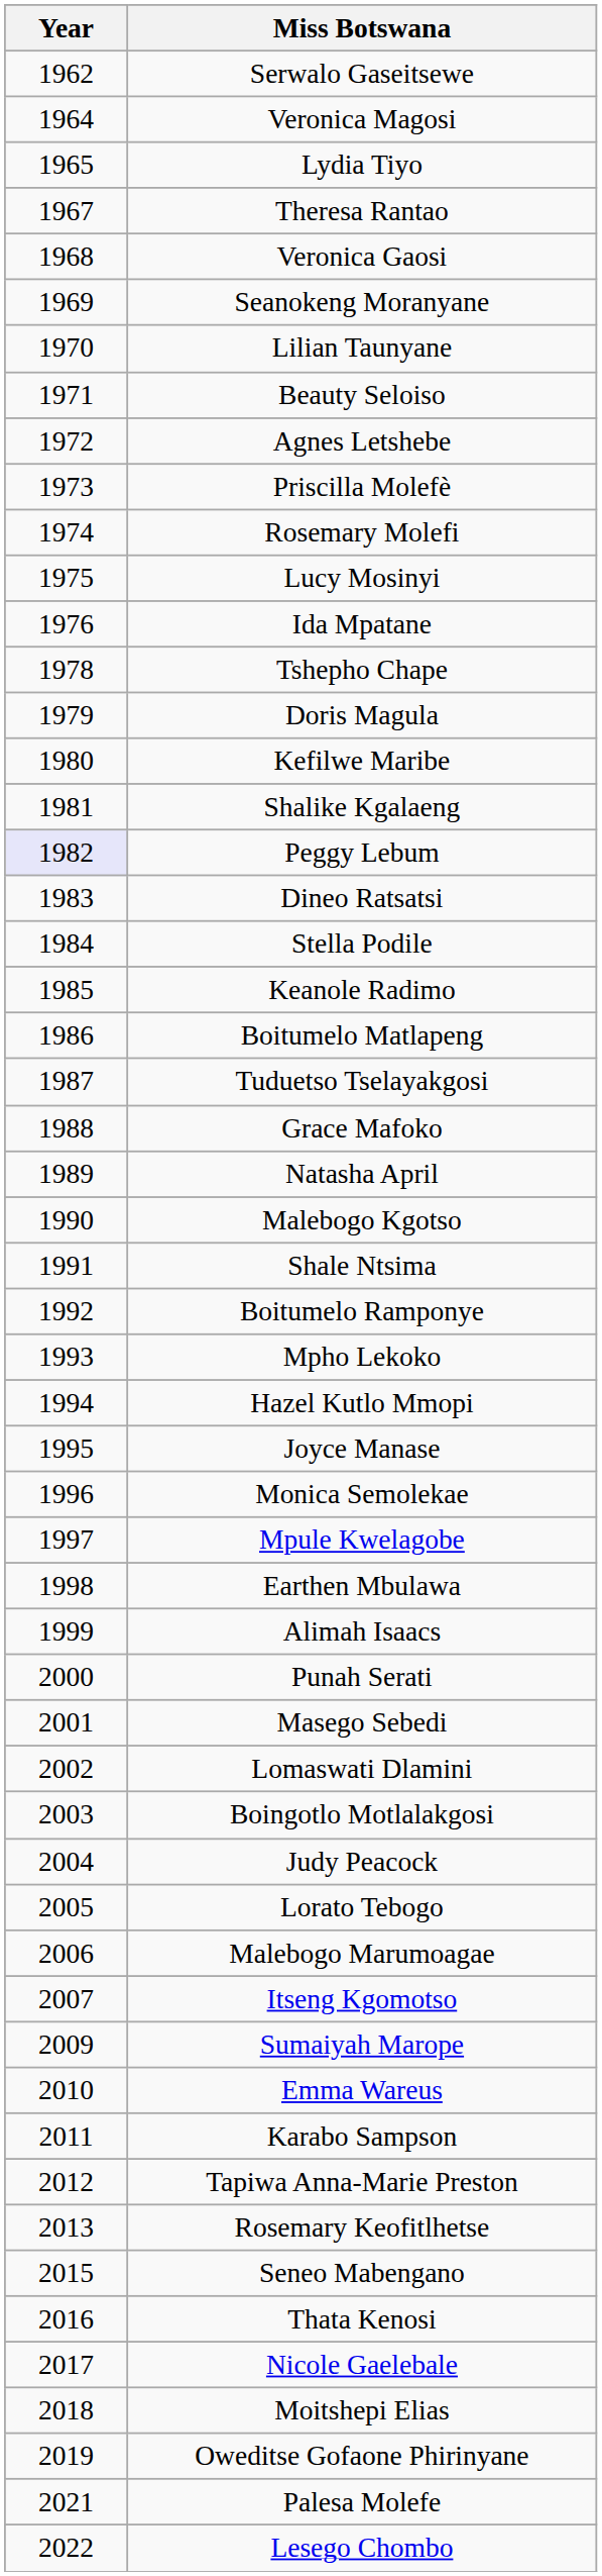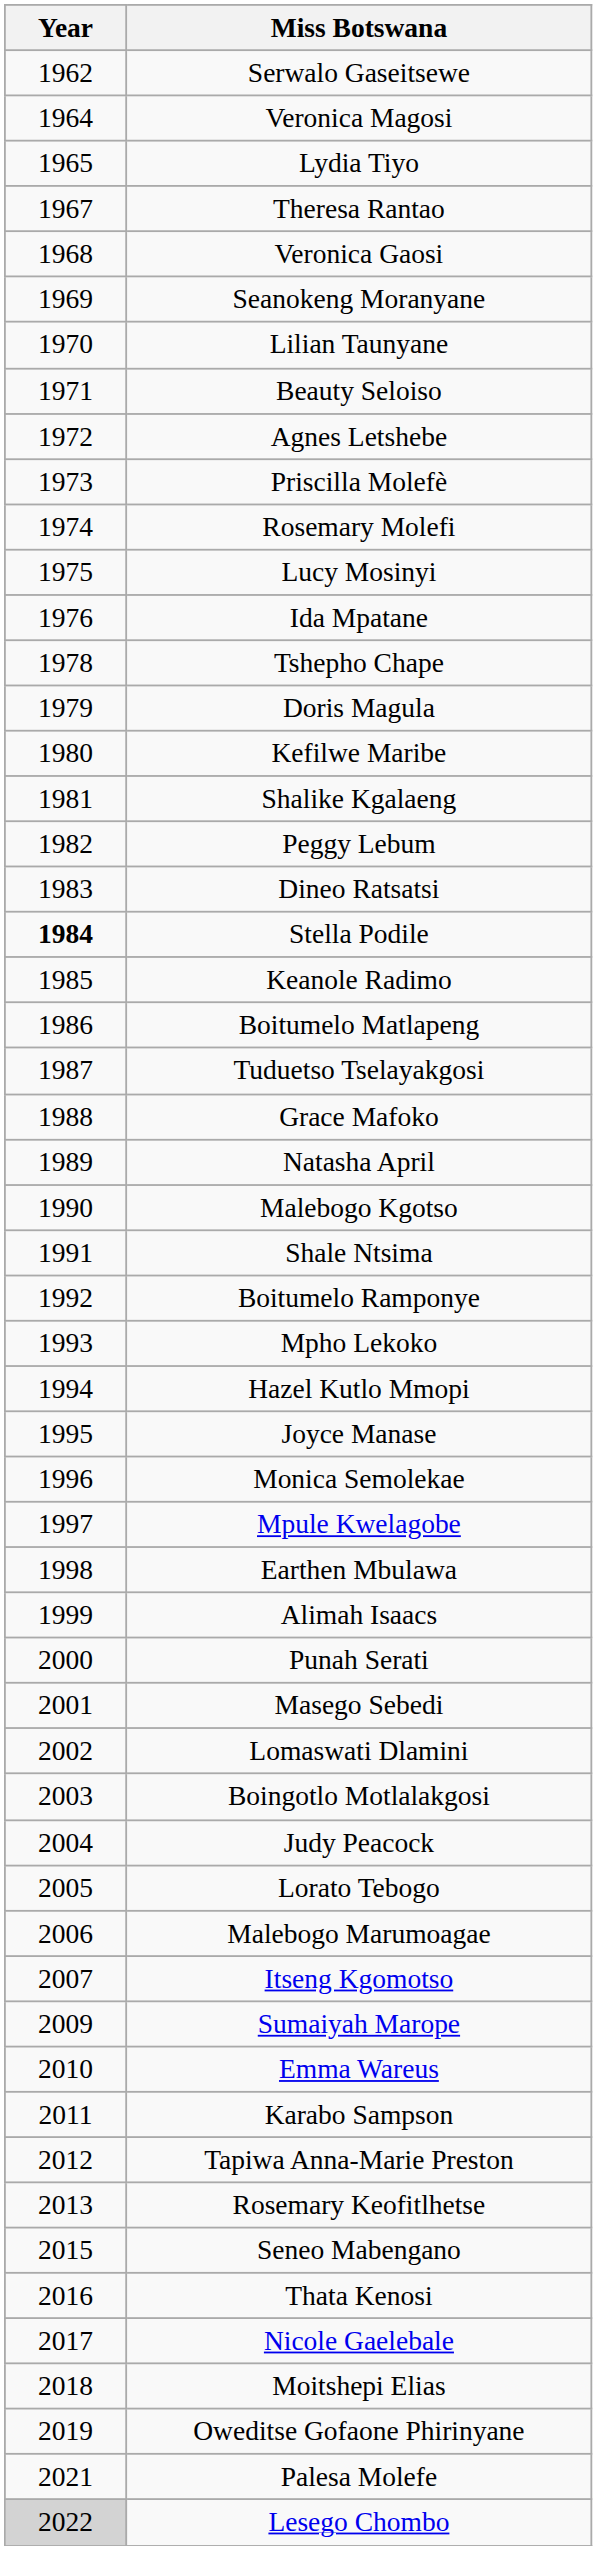 <table class="wikitable sortable" style="font-size: 95%; text-align:center">
 <tr>
 <th width="60">Year</th>
 <th width="250">Miss Botswana</th>
 </tr>
 <tr>
 <td>1962</td>
 <td>Serwalo Gaseitsewe</td>
 </tr>
 <tr>
 <td>1964</td>
 <td>Veronica Magosi</td>
 </tr>
 <tr>
 <td>1965</td>
 <td>Lydia Tiyo</td>
 </tr>
 <tr>
 <td>1967</td>
 <td>Theresa Rantao</td>
 </tr>
 <tr>
 <td>1968</td>
 <td>Veronica Gaosi</td>
 </tr>
 <tr>
 <td>1969</td>
 <td>Seanokeng Moranyane</td>
 </tr>
 <tr>
 <td>1970</td>
 <td>Lilian Taunyane</td>
 </tr>
 <tr>
 <td>1971</td>
 <td>Beauty Seloiso</td>
 </tr>
 <tr>
 <td>1972</td>
 <td>Agnes Letshebe</td>
 </tr>
 <tr>
 <td>1973</td>
 <td>Priscilla Molefè</td>
 </tr>
 <tr>
 <td>1974</td>
 <td>Rosemary Molefi</td>
 </tr>
 <tr>
 <td>1975</td>
 <td>Lucy Mosinyi</td>
 </tr>
 <tr>
 <td>1976</td>
 <td>Ida Mpatane</td>
 </tr>
 <tr>
 <td>1978</td>
 <td>Tshepho Chape</td>
 </tr>
 <tr>
 <td>1979</td>
 <td>Doris Magula</td>
 </tr>
 <tr>
 <td>1980</td>
 <td>Kefilwe Maribe</td>
 </tr>
 <tr>
 <td>1981</td>
 <td>Shalike Kgalaeng</td>
 </tr>
 <tr>
-<td style="background: lavender;">1982</td>
+<td>1982</td>
 <td>Peggy Lebum</td>
 </tr>
 <tr>
 <td>1983</td>
 <td>Dineo Ratsatsi</td>
 </tr>
 <tr>
-<td>1984</td>
+<td><strong>1984</strong></td>
 <td>Stella Podile</td>
 </tr>
 <tr>
 <td>1985</td>
 <td>Keanole Radimo</td>
 </tr>
 <tr>
 <td>1986</td>
 <td>Boitumelo Matlapeng</td>
 </tr>
 <tr>
 <td>1987</td>
 <td>Tuduetso Tselayakgosi</td>
 </tr>
 <tr>
 <td>1988</td>
 <td>Grace Mafoko</td>
 </tr>
 <tr>
 <td>1989</td>
 <td>Natasha April</td>
 </tr>
 <tr>
 <td>1990</td>
 <td>Malebogo Kgotso</td>
 </tr>
 <tr>
 <td>1991</td>
 <td>Shale Ntsima</td>
 </tr>
 <tr>
 <td>1992</td>
 <td>Boitumelo Ramponye</td>
 </tr>
 <tr>
 <td>1993</td>
 <td>Mpho Lekoko</td>
 </tr>
 <tr>
 <td>1994</td>
 <td>Hazel Kutlo Mmopi</td>
 </tr>
 <tr>
 <td>1995</td>
 <td>Joyce Manase</td>
 </tr>
 <tr>
 <td>1996</td>
 <td>Monica Semolekae</td>
 </tr>
 <tr>
 <td>1997</td>
 <td><a href='#'>Mpule Kwelagobe</a></td>
 </tr>
 <tr>
 <td>1998</td>
 <td>Earthen Mbulawa</td>
 </tr>
 <tr>
 <td>1999</td>
 <td>Alimah Isaacs</td>
 </tr>
 <tr>
 <td>2000</td>
 <td>Punah Serati</td>
 </tr>
 <tr>
 <td>2001</td>
 <td>Masego Sebedi</td>
 </tr>
 <tr>
 <td>2002</td>
 <td>Lomaswati Dlamini</td>
 </tr>
 <tr>
 <td>2003</td>
 <td>Boingotlo Motlalakgosi</td>
 </tr>
 <tr>
 <td>2004</td>
 <td>Judy Peacock</td>
 </tr>
 <tr>
 <td>2005</td>
 <td>Lorato Tebogo</td>
 </tr>
 <tr>
 <td>2006</td>
 <td>Malebogo Marumoagae</td>
 </tr>
 <tr>
 <td>2007</td>
 <td><a href='#'>Itseng Kgomotso</a></td>
 </tr>
 <tr>
 <td>2009</td>
 <td><a href='#'>Sumaiyah Marope</a></td>
 </tr>
 <tr>
 <td>2010</td>
 <td><a href='#'>Emma Wareus</a></td>
 </tr>
 <tr>
 <td>2011</td>
 <td>Karabo Sampson</td>
 </tr>
 <tr>
 <td>2012</td>
 <td>Tapiwa Anna-Marie Preston</td>
 </tr>
 <tr>
 <td>2013</td>
 <td>Rosemary Keofitlhetse</td>
 </tr>
 <tr>
 <td>2015</td>
 <td>Seneo Mabengano</td>
 </tr>
 <tr>
 <td>2016</td>
 <td>Thata Kenosi</td>
 </tr>
 <tr>
 <td>2017</td>
 <td><a href='#'>Nicole Gaelebale</a></td>
 </tr>
 <tr>
 <td>2018</td>
 <td>Moitshepi Elias</td>
 </tr>
 <tr>
 <td>2019</td>
 <td>Oweditse Gofaone Phirinyane</td>
 </tr>
 <tr>
 <td>2021</td>
 <td>Palesa Molefe</td>
 </tr>
 <tr>
-<td>2022</td>
+<td style="background: lightgrey;">2022</td>
 <td><a href='#'>Lesego Chombo</a></td>
 </tr>
 <tr>
 </tr>
 </table>
